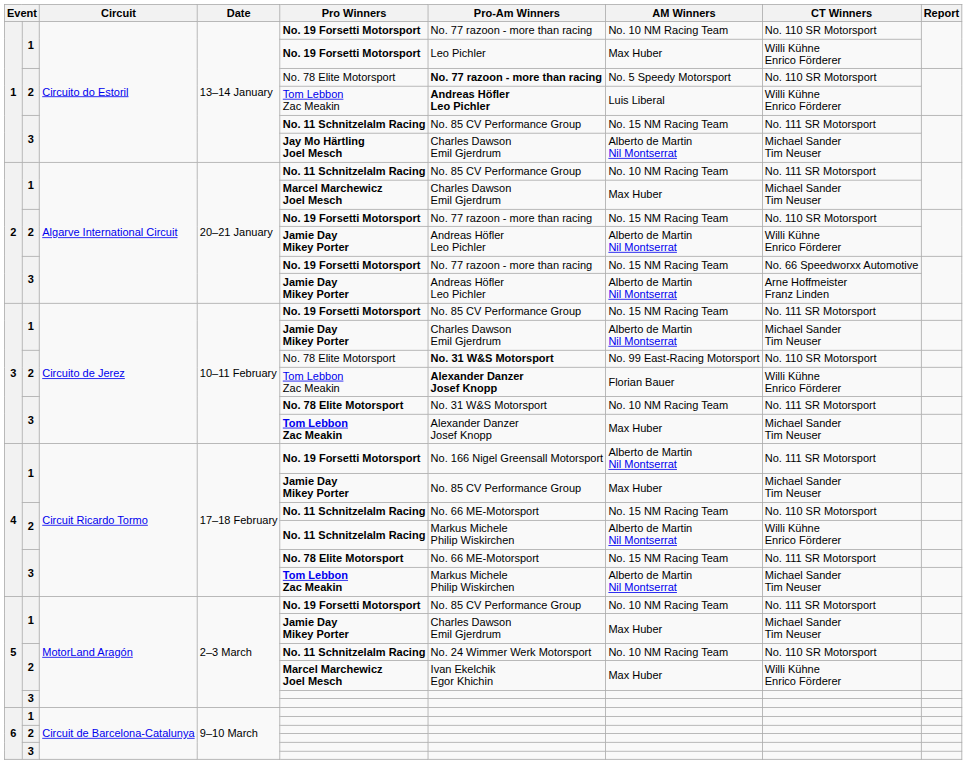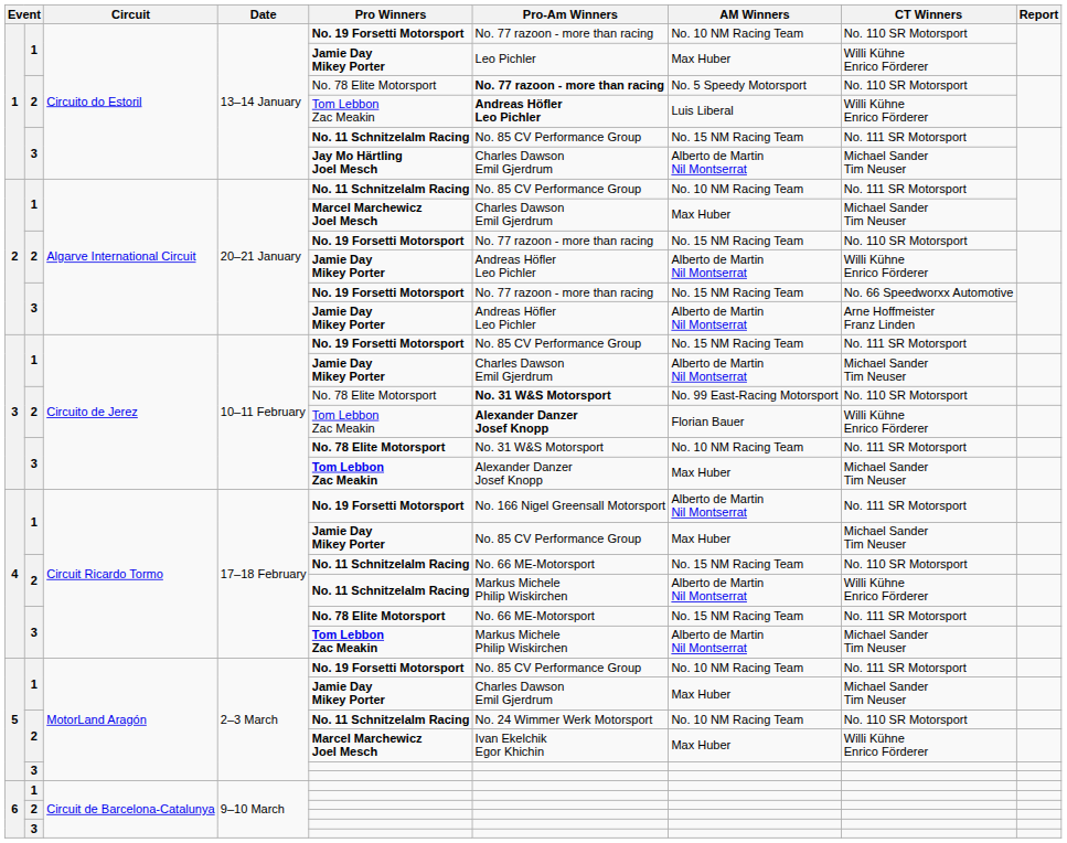 <table class="wikitable" style="font-size: 85%;">
 <tr>
 <th colspan="2">Event</th>
 <th>Circuit</th>
 <th>Date</th>
 <th>Pro Winners</th>
 <th>Pro-Am Winners</th>
 <th>AM Winners</th>
 <th>CT Winners</th>
 <th>Report</th>
 </tr>
 <tr>
 <th rowspan="6">1</th>
 <th rowspan="2">1</th>
 <td rowspan="6"> <a href='#'>Circuito do Estoril</a></td>
 <td rowspan="6">13–14 January</td>
 <td><strong> No. 19 Forsetti Motorsport</strong></td>
 <td> No. 77 razoon - more than racing</td>
 <td> No. 10 NM Racing Team</td>
 <td> No. 110 SR Motorsport</td>
 <td rowspan="2"></td>
 </tr>
 <tr>
-<td><strong> No. 19 Forsetti Motorsport</strong></td>
+<td><strong> Jamie Day</strong><br><strong> Mikey Porter</strong></td>
 <td> Leo Pichler</td>
 <td> Max Huber</td>
 <td> Willi Kühne<br> Enrico Förderer</td>
 </tr>
 <tr>
 <th rowspan="2">2</th>
 <td> No. 78 Elite Motorsport</td>
 <td><strong> No. 77 razoon - more than racing</strong></td>
 <td> No. 5 Speedy Motorsport</td>
 <td> No. 110 SR Motorsport</td>
 <td rowspan="2"></td>
 </tr>
 <tr>
 <td> <a href='#'>Tom Lebbon</a><br> Zac Meakin</td>
 <td><strong> Andreas Höfler</strong><br><strong> Leo Pichler</strong></td>
 <td> Luis Liberal</td>
 <td> Willi Kühne<br> Enrico Förderer</td>
 </tr>
 <tr>
 <th rowspan="2">3</th>
 <td><strong> No. 11 Schnitzelalm Racing</strong></td>
 <td> No. 85 CV Performance Group</td>
 <td> No. 15 NM Racing Team</td>
 <td> No. 111 SR Motorsport</td>
 <td rowspan="2"></td>
 </tr>
 <tr>
 <td><strong> Jay Mo Härtling</strong><br><strong> Joel Mesch</strong></td>
 <td> Charles Dawson<br> Emil Gjerdrum</td>
 <td> Alberto de Martin<br> <a href='#'>Nil Montserrat</a></td>
 <td> Michael Sander<br> Tim Neuser</td>
 </tr>
 <tr>
 <th rowspan="6">2</th>
 <th rowspan="2">1</th>
 <td rowspan="6"> <a href='#'>Algarve International Circuit</a></td>
 <td rowspan="6">20–21 January</td>
 <td><strong> No. 11 Schnitzelalm Racing</strong></td>
 <td> No. 85 CV Performance Group</td>
 <td> No. 10 NM Racing Team</td>
 <td> No. 111 SR Motorsport</td>
 <td rowspan="2"></td>
 </tr>
 <tr>
 <td><strong> Marcel Marchewicz</strong><br><strong> Joel Mesch</strong></td>
 <td> Charles Dawson<br> Emil Gjerdrum</td>
 <td> Max Huber</td>
 <td> Michael Sander<br> Tim Neuser</td>
 </tr>
 <tr>
 <th rowspan="2">2</th>
 <td><strong> No. 19 Forsetti Motorsport</strong></td>
 <td> No. 77 razoon - more than racing</td>
 <td> No. 15 NM Racing Team</td>
 <td> No. 110 SR Motorsport</td>
 <td rowspan="2"></td>
 </tr>
 <tr>
 <td><strong> Jamie Day</strong><br><strong> Mikey Porter</strong></td>
 <td> Andreas Höfler<br> Leo Pichler</td>
 <td> Alberto de Martin<br> <a href='#'>Nil Montserrat</a></td>
 <td> Willi Kühne<br> Enrico Förderer</td>
 </tr>
 <tr>
 <th rowspan="2">3</th>
 <td><strong> No. 19 Forsetti Motorsport</strong></td>
 <td> No. 77 razoon - more than racing</td>
 <td> No. 15 NM Racing Team</td>
 <td> No. 66 Speedworxx Automotive</td>
 <td rowspan="2"></td>
 </tr>
 <tr>
 <td><strong> Jamie Day</strong><br><strong> Mikey Porter</strong></td>
 <td> Andreas Höfler<br> Leo Pichler</td>
 <td> Alberto de Martin<br> <a href='#'>Nil Montserrat</a></td>
 <td> Arne Hoffmeister<br> Franz Linden</td>
 </tr>
 <tr>
 <th rowspan="6">3</th>
 <th rowspan="2">1</th>
 <td rowspan="6"> <a href='#'>Circuito de Jerez</a></td>
 <td rowspan="6">10–11 February</td>
 <td><strong> No. 19 Forsetti Motorsport</strong></td>
 <td> No. 85 CV Performance Group</td>
 <td> No. 15 NM Racing Team</td>
 <td> No. 111 SR Motorsport</td>
 <td></td>
 </tr>
 <tr>
 <td><strong> Jamie Day</strong><br><strong> Mikey Porter</strong></td>
 <td> Charles Dawson<br> Emil Gjerdrum</td>
 <td> Alberto de Martin<br> <a href='#'>Nil Montserrat</a></td>
 <td> Michael Sander<br> Tim Neuser</td>
 <td></td>
 </tr>
 <tr>
 <th rowspan="2">2</th>
 <td> No. 78 Elite Motorsport</td>
 <td><strong> No. 31 W&S Motorsport</strong></td>
 <td> No. 99 East-Racing Motorsport</td>
 <td> No. 110 SR Motorsport</td>
 <td></td>
 </tr>
 <tr>
 <td> <a href='#'>Tom Lebbon</a><br> Zac Meakin</td>
 <td><strong> Alexander Danzer</strong><br><strong> Josef Knopp</strong></td>
 <td> Florian Bauer</td>
 <td> Willi Kühne<br> Enrico Förderer</td>
 <td></td>
 </tr>
 <tr>
 <th rowspan="2">3</th>
 <td><strong> No. 78 Elite Motorsport</strong></td>
 <td> No. 31 W&S Motorsport</td>
 <td> No. 10 NM Racing Team</td>
 <td> No. 111 SR Motorsport</td>
 <td></td>
 </tr>
 <tr>
 <td><strong> <a href='#'>Tom Lebbon</a><br> Zac Meakin</strong></td>
 <td> Alexander Danzer<br> Josef Knopp</td>
 <td> Max Huber</td>
 <td> Michael Sander<br> Tim Neuser</td>
 <td></td>
 </tr>
 <tr>
 <th rowspan="6">4</th>
 <th rowspan="2">1</th>
 <td rowspan="6"> <a href='#'>Circuit Ricardo Tormo</a></td>
 <td rowspan="6">17–18 February</td>
 <td><strong> No. 19 Forsetti Motorsport</strong></td>
 <td> No. 166 Nigel Greensall Motorsport</td>
 <td> Alberto de Martin<br> <a href='#'>Nil Montserrat</a></td>
 <td> No. 111 SR Motorsport</td>
 <td></td>
 </tr>
 <tr>
 <td><strong> Jamie Day</strong><br><strong> Mikey Porter</strong></td>
 <td> No. 85 CV Performance Group</td>
 <td> Max Huber</td>
 <td> Michael Sander<br> Tim Neuser</td>
 <td></td>
 </tr>
 <tr>
 <th rowspan="2">2</th>
 <td><strong> No. 11 Schnitzelalm Racing</strong></td>
 <td> No. 66 ME-Motorsport</td>
 <td> No. 15 NM Racing Team</td>
 <td> No. 110 SR Motorsport</td>
 <td></td>
 </tr>
 <tr>
 <td><strong> No. 11 Schnitzelalm Racing</strong></td>
 <td> Markus Michele<br> Philip Wiskirchen</td>
 <td> Alberto de Martin<br> <a href='#'>Nil Montserrat</a></td>
 <td> Willi Kühne<br> Enrico Förderer</td>
 <td></td>
 </tr>
 <tr>
 <th rowspan="2">3</th>
 <td><strong> No. 78 Elite Motorsport</strong></td>
 <td> No. 66 ME-Motorsport</td>
 <td> No. 15 NM Racing Team</td>
 <td> No. 111 SR Motorsport</td>
 <td></td>
 </tr>
 <tr>
 <td><strong> <a href='#'>Tom Lebbon</a><br> Zac Meakin</strong></td>
 <td> Markus Michele<br> Philip Wiskirchen</td>
 <td> Alberto de Martin<br> <a href='#'>Nil Montserrat</a></td>
 <td> Michael Sander<br> Tim Neuser</td>
 <td></td>
 </tr>
 <tr>
 <th rowspan="6">5</th>
 <th rowspan="2">1</th>
 <td rowspan="6"> <a href='#'>MotorLand Aragón</a></td>
 <td rowspan="6">2–3 March</td>
 <td><strong> No. 19 Forsetti Motorsport</strong></td>
 <td> No. 85 CV Performance Group</td>
 <td> No. 10 NM Racing Team</td>
 <td> No. 111 SR Motorsport</td>
 <td></td>
 </tr>
 <tr>
 <td><strong> Jamie Day</strong><br><strong> Mikey Porter</strong></td>
 <td> Charles Dawson<br> Emil Gjerdrum</td>
 <td> Max Huber</td>
 <td> Michael Sander<br> Tim Neuser</td>
 <td></td>
 </tr>
 <tr>
 <th rowspan="2">2</th>
 <td><strong> No. 11 Schnitzelalm Racing</strong></td>
 <td> No. 24 Wimmer Werk Motorsport</td>
 <td> No. 10 NM Racing Team</td>
 <td> No. 110 SR Motorsport</td>
 <td></td>
 </tr>
 <tr>
 <td><strong> Marcel Marchewicz</strong><br><strong> Joel Mesch</strong></td>
 <td> Ivan Ekelchik<br> Egor Khichin</td>
 <td> Max Huber</td>
 <td> Willi Kühne<br> Enrico Förderer</td>
 <td></td>
 </tr>
 <tr>
 <th rowspan="2">3</th>
 <td></td>
 <td></td>
 <td></td>
 <td></td>
 <td></td>
 </tr>
 <tr>
 <td></td>
 <td></td>
 <td></td>
 <td></td>
 <td></td>
 </tr>
 <tr>
 <th rowspan="6">6</th>
 <th rowspan="2">1</th>
 <td rowspan="6"> <a href='#'>Circuit de Barcelona-Catalunya</a></td>
 <td rowspan="6">9–10 March</td>
 <td></td>
 <td></td>
 <td></td>
 <td></td>
 <td></td>
 </tr>
 <tr>
 <td></td>
 <td></td>
 <td></td>
 <td></td>
 <td></td>
 </tr>
 <tr>
 <th rowspan="2">2</th>
 <td></td>
 <td></td>
 <td></td>
 <td></td>
 <td></td>
 </tr>
 <tr>
 <td></td>
 <td></td>
 <td></td>
 <td></td>
 <td></td>
 </tr>
 <tr>
 <th rowspan="2">3</th>
 <td></td>
 <td></td>
 <td></td>
 <td></td>
 <td></td>
 </tr>
 <tr>
 <td></td>
 <td></td>
 <td></td>
 <td></td>
 <td></td>
 </tr>
 </table>
